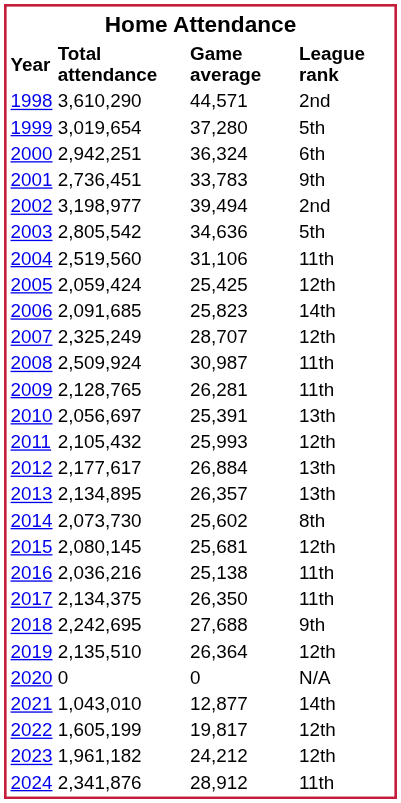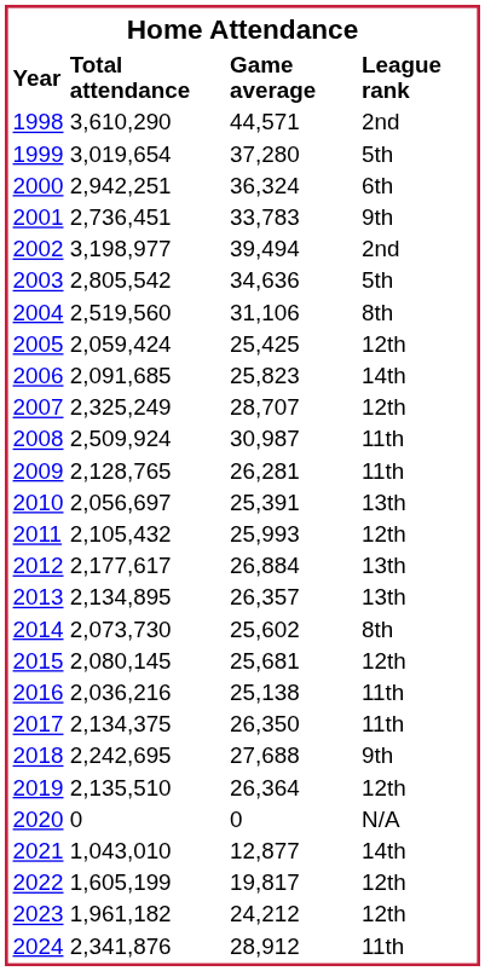 <table cellpadding="1" style="width:300px; font-size:90%; border:2px solid #C41E3A;">
 <tr style="text-align:center; font-size:larger;">
 <td colspan=5><strong>Home Attendance</strong></td>
 </tr>
 <tr style=>
 <td><strong>Year</strong></td>
 <td><strong>Total attendance</strong></td>
 <td><strong>Game average</strong></td>
 <td><strong>League rank</strong></td>
 </tr>
 <tr>
 <td><a href='#'>1998</a></td>
 <td>3,610,290</td>
 <td>44,571</td>
 <td>2nd</td>
 </tr>
 <tr>
 <td><a href='#'>1999</a></td>
 <td>3,019,654</td>
 <td>37,280</td>
 <td>5th</td>
 </tr>
 <tr>
 <td><a href='#'>2000</a></td>
 <td>2,942,251</td>
 <td>36,324</td>
 <td>6th</td>
 </tr>
 <tr>
 <td><a href='#'>2001</a></td>
 <td>2,736,451</td>
 <td>33,783</td>
 <td>9th</td>
 </tr>
 <tr>
 <td><a href='#'>2002</a></td>
 <td>3,198,977</td>
 <td>39,494</td>
 <td>2nd</td>
 </tr>
 <tr>
 <td><a href='#'>2003</a></td>
 <td>2,805,542</td>
 <td>34,636</td>
 <td>5th</td>
 </tr>
 <tr>
 <td><a href='#'>2004</a></td>
 <td>2,519,560</td>
 <td>31,106</td>
-<td>11th</td>
+<td>8th</td>
 </tr>
 <tr>
 <td><a href='#'>2005</a></td>
 <td>2,059,424</td>
 <td>25,425</td>
 <td>12th</td>
 </tr>
 <tr>
 <td><a href='#'>2006</a></td>
 <td>2,091,685</td>
 <td>25,823</td>
 <td>14th</td>
 </tr>
 <tr>
 <td><a href='#'>2007</a></td>
 <td>2,325,249</td>
 <td>28,707</td>
 <td>12th</td>
 </tr>
 <tr>
 <td><a href='#'>2008</a></td>
 <td>2,509,924</td>
 <td>30,987</td>
 <td>11th</td>
 </tr>
 <tr>
 <td><a href='#'>2009</a></td>
 <td>2,128,765</td>
 <td>26,281</td>
 <td>11th</td>
 </tr>
 <tr>
 <td><a href='#'>2010</a></td>
 <td>2,056,697</td>
 <td>25,391</td>
 <td>13th</td>
 </tr>
 <tr>
 <td><a href='#'>2011</a></td>
 <td>2,105,432</td>
 <td>25,993</td>
 <td>12th</td>
 </tr>
 <tr>
 <td><a href='#'>2012</a></td>
 <td>2,177,617</td>
 <td>26,884</td>
 <td>13th</td>
 </tr>
 <tr>
 <td><a href='#'>2013</a></td>
 <td>2,134,895</td>
 <td>26,357</td>
 <td>13th</td>
 </tr>
 <tr>
 <td><a href='#'>2014</a></td>
 <td>2,073,730</td>
 <td>25,602</td>
 <td>8th</td>
 </tr>
 <tr>
 <td><a href='#'>2015</a></td>
 <td>2,080,145</td>
 <td>25,681</td>
 <td>12th</td>
 </tr>
 <tr>
 <td><a href='#'>2016</a></td>
 <td>2,036,216</td>
 <td>25,138</td>
 <td>11th</td>
 </tr>
 <tr>
 <td><a href='#'>2017</a></td>
 <td>2,134,375</td>
 <td>26,350</td>
 <td>11th</td>
 </tr>
 <tr>
 <td><a href='#'>2018</a></td>
 <td>2,242,695</td>
 <td>27,688</td>
 <td>9th</td>
 </tr>
 <tr>
 <td><a href='#'>2019</a></td>
 <td>2,135,510</td>
 <td>26,364</td>
 <td>12th</td>
 </tr>
 <tr>
 <td><a href='#'>2020</a></td>
 <td>0</td>
 <td>0</td>
 <td>N/A</td>
 </tr>
 <tr>
 <td><a href='#'>2021</a></td>
 <td>1,043,010</td>
 <td>12,877</td>
 <td>14th</td>
 </tr>
 <tr>
 <td><a href='#'>2022</a></td>
 <td>1,605,199</td>
 <td>19,817</td>
 <td>12th</td>
 </tr>
 <tr>
 <td><a href='#'>2023</a></td>
 <td>1,961,182</td>
 <td>24,212</td>
 <td>12th</td>
 </tr>
 <tr>
 <td><a href='#'>2024</a></td>
 <td>2,341,876</td>
 <td>28,912</td>
 <td>11th</td>
 </tr>
 </table>
